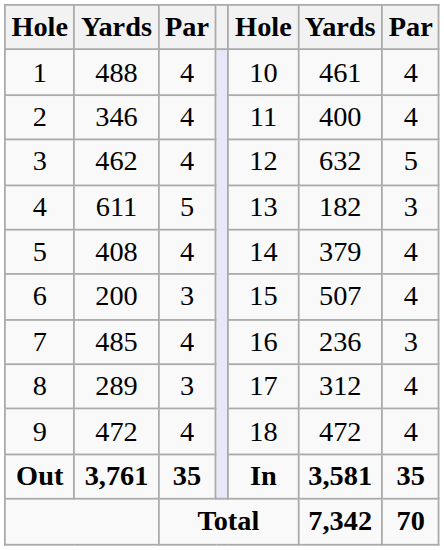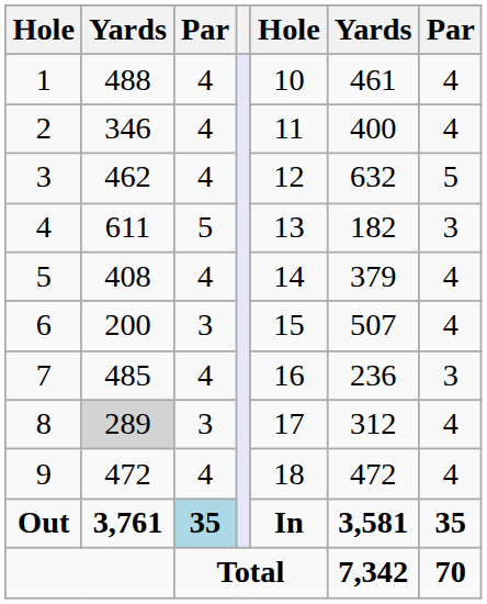 <table class="wikitable" style="text-align:center; font-size:100%;">
 <tr>
 <th>Hole</th>
 <th>Yards</th>
 <th>Par</th>
 <th></th>
 <th>Hole</th>
 <th>Yards</th>
 <th>Par</th>
 </tr>
 <tr>
 <td>1</td>
 <td>488</td>
 <td>4</td>
 <td rowspan=10 style="background:#E6E8FA;"></td>
 <td>10</td>
 <td>461</td>
 <td>4</td>
 </tr>
 <tr>
 <td>2</td>
 <td>346</td>
 <td>4</td>
 <td>11</td>
 <td>400</td>
 <td>4</td>
 </tr>
 <tr>
 <td>3</td>
 <td>462</td>
 <td>4</td>
 <td>12</td>
 <td>632</td>
 <td>5</td>
 </tr>
 <tr>
 <td>4</td>
 <td>611</td>
 <td>5</td>
 <td>13</td>
 <td>182</td>
 <td>3</td>
 </tr>
 <tr>
 <td>5</td>
 <td>408</td>
 <td>4</td>
 <td>14</td>
 <td>379</td>
 <td>4</td>
 </tr>
 <tr>
 <td>6</td>
 <td>200</td>
 <td>3</td>
 <td>15</td>
 <td>507</td>
 <td>4</td>
 </tr>
 <tr>
 <td>7</td>
 <td>485</td>
 <td>4</td>
 <td>16</td>
 <td>236</td>
 <td>3</td>
 </tr>
 <tr>
 <td>8</td>
-<td>289</td>
+<td style="background: lightgrey;">289</td>
 <td>3</td>
 <td>17</td>
 <td>312</td>
 <td>4</td>
 </tr>
 <tr>
 <td>9</td>
 <td>472</td>
 <td>4</td>
 <td>18</td>
 <td>472</td>
 <td>4</td>
 </tr>
 <tr>
 <td><strong>Out</strong></td>
 <td><strong>3,761</strong></td>
-<td><strong>35</strong></td>
+<td style="background: lightblue;"><strong>35</strong></td>
 <td><strong>In</strong></td>
 <td><strong>3,581</strong></td>
 <td><strong>35</strong></td>
 </tr>
 <tr>
 <td colspan=2 align=left></td>
 <td colspan=3><strong>Total</strong></td>
 <td><strong>7,342</strong></td>
 <td><strong>70</strong></td>
 </tr>
 </table>
